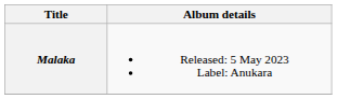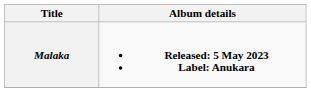 <table class="wikitable plainrowheaders" style="text-align:center;">
 <tr>
 <th scope="col" style="width:8em;">Title</th>
 <th scope="col" style="width:18em;">Album details</th>
 </tr>
 <tr>
 <th scope="row"><em>Malaka</em></th>
-<td><br><ul><li>Released: 5 May 2023</li><li>Label: Anukara</li></ul></td>
+<td><strong><br><ul><li>Released: 5 May 2023</li><li>Label: Anukara</li></ul></strong></td>
 </tr>
 <tr>
 </tr>
 </table>
